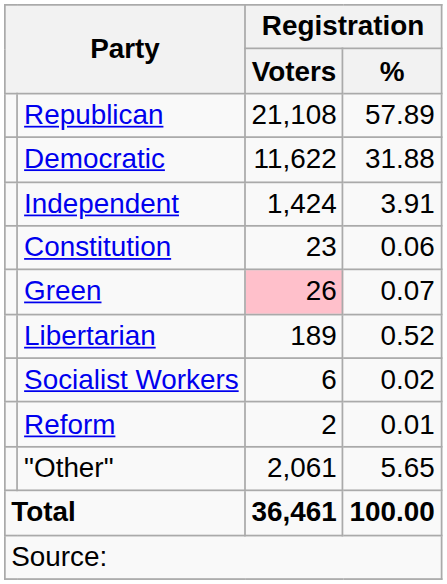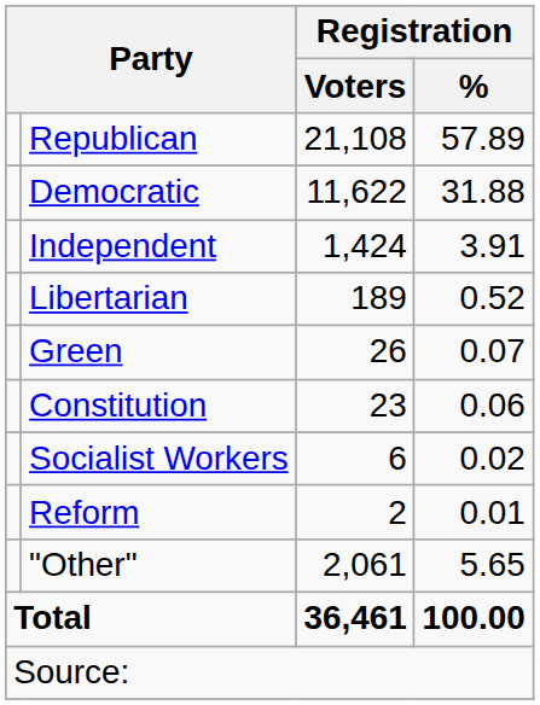 <table class="wikitable">
 <tr>
 <th colspan="2" rowspan="2">Party</th>
 <th colspan="2">Registration</th>
 </tr>
 <tr>
 <th>Voters</th>
 <th>%</th>
 </tr>
 <tr>
 <td style="background-color:"></td>
 <td><a href='#'>Republican</a></td>
 <td style="text-align:right;">21,108</td>
 <td style="text-align:right;">57.89</td>
 </tr>
 <tr>
 <td style="background-color:"></td>
 <td><a href='#'>Democratic</a></td>
 <td style="text-align:right;">11,622</td>
 <td style="text-align:right;">31.88</td>
 </tr>
 <tr>
 <td style="background-color:"></td>
 <td><a href='#'>Independent</a></td>
 <td style="text-align:right;">1,424</td>
 <td style="text-align:right;">3.91</td>
 </tr>
 <tr>
 <td style="background-color:"></td>
-<td><a href='#'>Constitution</a></td>
-<td style="text-align:right;">23</td>
-<td style="text-align:right;">0.06</td>
+<td><a href='#'>Libertarian</a></td>
+<td style="text-align:right;">189</td>
+<td style="text-align:right;">0.52</td>
 </tr>
 <tr>
 <td style="background-color:"></td>
 <td><a href='#'>Green</a></td>
-<td style="background: pink; text-align:right;">26</td>
+<td style="text-align:right;">26</td>
 <td style="text-align:right;">0.07</td>
 </tr>
 <tr>
 <td style="background-color:"></td>
-<td><a href='#'>Libertarian</a></td>
-<td style="text-align:right;">189</td>
-<td style="text-align:right;">0.52</td>
+<td><a href='#'>Constitution</a></td>
+<td style="text-align:right;">23</td>
+<td style="text-align:right;">0.06</td>
 </tr>
 <tr>
 <td style="background-color:"></td>
 <td><a href='#'>Socialist Workers</a></td>
 <td style="text-align:right;">6</td>
 <td style="text-align:right;">0.02</td>
 </tr>
 <tr>
 <td style="background-color:"></td>
 <td><a href='#'>Reform</a></td>
 <td style="text-align:right;">2</td>
 <td style="text-align:right;">0.01</td>
 </tr>
 <tr>
 <td></td>
 <td>"Other"</td>
 <td style="text-align:right;">2,061</td>
 <td style="text-align:right;">5.65</td>
 </tr>
 <tr>
 <td colspan="2"><strong>Total</strong></td>
 <td style="text-align:right;"><strong>36,461</strong></td>
 <td style="text-align:right;"><strong>100.00</strong></td>
 </tr>
 <tr>
 <td colspan="4">Source: <em></em></td>
 </tr>
 </table>
